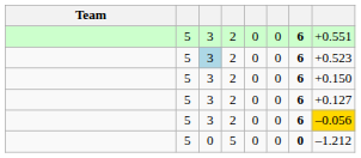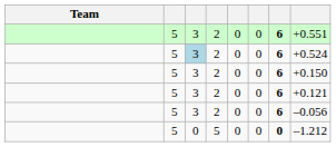 <table class="wikitable" style="text-align:center">
 <tr>
 <th width=200>Team</th>
 <th width=20></th>
 <th width=20></th>
 <th width=20></th>
 <th width=20></th>
 <th width=20></th>
 <th width=20></th>
 <th width=45></th>
 </tr>
 <tr style="background:#cfc">
 <td align="left"></td>
 <td>5</td>
 <td>3</td>
 <td>2</td>
 <td>0</td>
 <td>0</td>
 <td><strong>6</strong></td>
 <td>+0.551</td>
 </tr>
 <tr>
 <td align="left"></td>
 <td>5</td>
 <td style="background: lightblue;">3</td>
 <td>2</td>
 <td>0</td>
 <td>0</td>
 <td><strong>6</strong></td>
-<td>+0.523</td>
+<td>+0.524</td>
 </tr>
 <tr>
 <td align="left"></td>
 <td>5</td>
 <td>3</td>
 <td>2</td>
 <td>0</td>
 <td>0</td>
 <td><strong>6</strong></td>
 <td>+0.150</td>
 </tr>
 <tr>
 <td align="left"></td>
 <td>5</td>
 <td>3</td>
 <td>2</td>
 <td>0</td>
 <td>0</td>
 <td><strong>6</strong></td>
-<td>+0.127</td>
+<td>+0.121</td>
 </tr>
 <tr>
 <td align="left"></td>
 <td>5</td>
 <td>3</td>
 <td>2</td>
 <td>0</td>
 <td>0</td>
 <td><strong>6</strong></td>
-<td style="background: gold;">–0.056</td>
+<td>–0.056</td>
 </tr>
 <tr>
 <td align="left"></td>
 <td>5</td>
 <td>0</td>
 <td>5</td>
 <td>0</td>
 <td>0</td>
 <td><strong>0</strong></td>
 <td>–1.212</td>
 </tr>
 </table>
